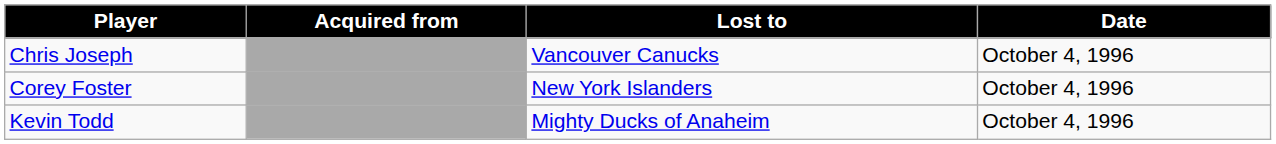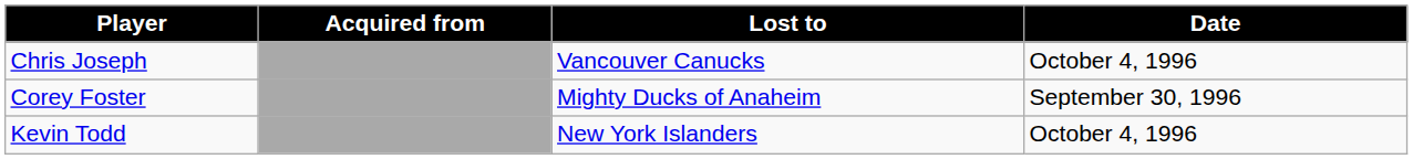 <table class="wikitable" style="width:60em">
 <tr style="text-align:center; background:#ddd;">
 <th style="color:white; background:#000000; ">Player</th>
 <th style="color:white; background:#000000; ">Acquired from</th>
 <th style="color:white; background:#000000; ">Lost to</th>
 <th style="color:white; background:#000000; ">Date</th>
 </tr>
 <tr>
 </tr>
 <tr>
 <td><a href='#'>Chris Joseph</a></td>
 <td style="background:darkgray;"></td>
 <td><a href='#'>Vancouver Canucks</a></td>
 <td>October 4, 1996</td>
 </tr>
 <tr>
 <td><a href='#'>Corey Foster</a></td>
 <td style="background:darkgray;"></td>
-<td><a href='#'>New York Islanders</a></td>
-<td>October 4, 1996</td>
+<td><a href='#'>Mighty Ducks of Anaheim</a></td>
+<td>September 30, 1996</td>
 </tr>
 <tr>
 <td><a href='#'>Kevin Todd</a></td>
 <td style="background:darkgray;"></td>
-<td><a href='#'>Mighty Ducks of Anaheim</a></td>
+<td><a href='#'>New York Islanders</a></td>
 <td>October 4, 1996</td>
 </tr>
 </table>
